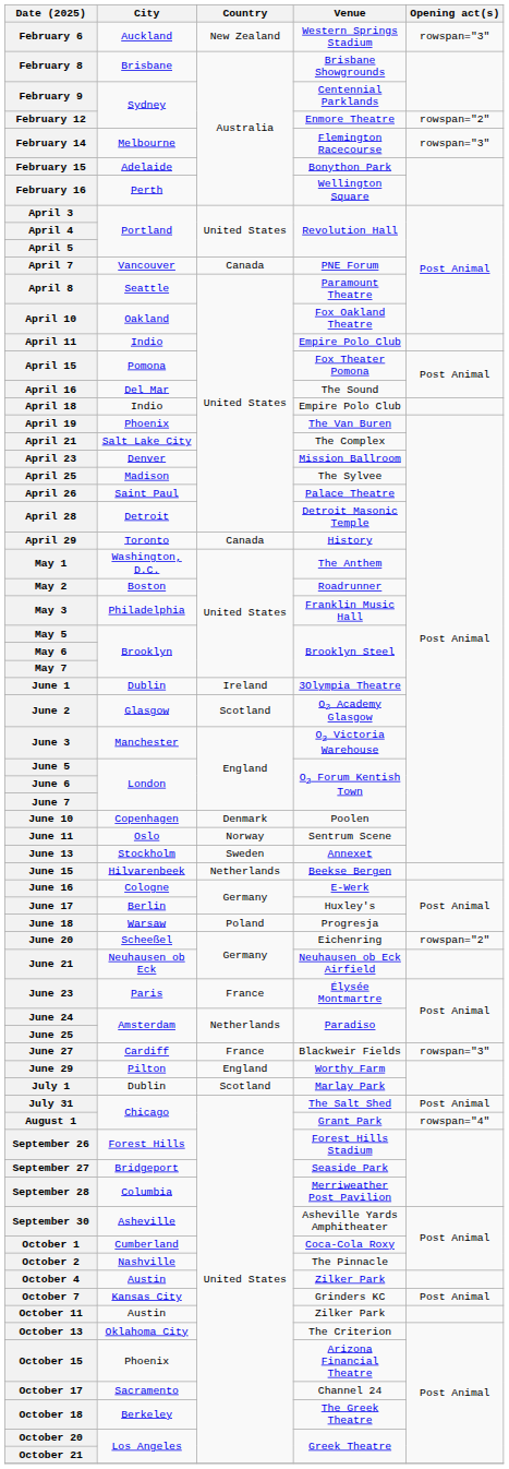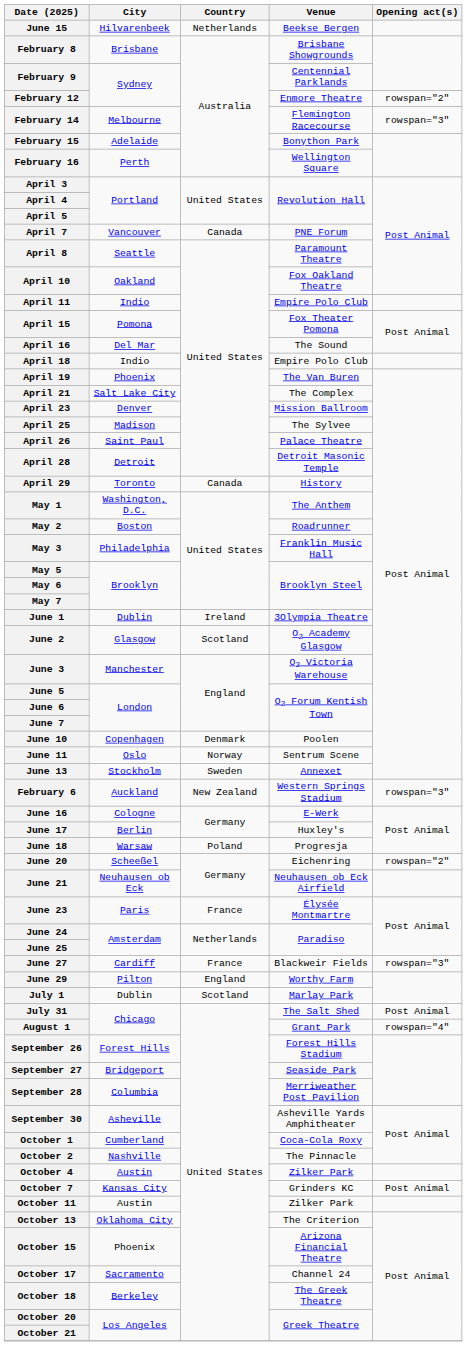 <table class="wikitable plainrowheaders" style="text-align:center;">
 <tr>
 <th scope="col" style="width:10em;">Date (2025)</th>
 <th scope="col" style="width:10em;">City</th>
 <th scope="col" style="width:10em;">Country</th>
 <th scope="col" style="width:12em;">Venue</th>
 <th scope="col" style="width:10em;">Opening act(s)</th>
 </tr>
 <tr>
-<th scope="row" style="text-align:center;">February 6</th>
-<td><a href='#'>Auckland</a></td>
-<td>New Zealand</td>
-<td><a href='#'>Western Springs Stadium</a></td>
-<td>rowspan="3" </td>
+<th scope="row" style="text-align:center;">June 15</th>
+<td><a href='#'>Hilvarenbeek</a></td>
+<td>Netherlands</td>
+<td><a href='#'>Beekse Bergen</a></td>
+<td></td>
 </tr>
 <tr>
 <th scope="row" style="text-align:center;">February 8</th>
 <td><a href='#'>Brisbane</a></td>
 <td rowspan="6">Australia</td>
 <td><a href='#'>Brisbane Showgrounds</a></td>
 </tr>
 <tr>
 <th scope="row" style="text-align:center;">February 9</th>
 <td rowspan="2"><a href='#'>Sydney</a></td>
 <td><a href='#'>Centennial Parklands</a></td>
 </tr>
 <tr>
 <th scope="row" style="text-align:center;">February 12</th>
 <td><a href='#'>Enmore Theatre</a></td>
 <td>rowspan="2" </td>
 </tr>
 <tr>
 <th scope="row" style="text-align:center;">February 14</th>
 <td><a href='#'>Melbourne</a></td>
 <td><a href='#'>Flemington Racecourse</a></td>
 <td>rowspan="3" </td>
 </tr>
 <tr>
 <th scope="row" style="text-align:center;">February 15</th>
 <td><a href='#'>Adelaide</a></td>
 <td><a href='#'>Bonython Park</a></td>
 </tr>
 <tr>
 <th scope="row" style="text-align:center;">February 16</th>
 <td><a href='#'>Perth</a></td>
 <td><a href='#'>Wellington Square</a></td>
 </tr>
 <tr>
 <th scope="row" style="text-align:center;">April 3</th>
 <td rowspan="3"><a href='#'>Portland</a></td>
 <td rowspan="3">United States</td>
 <td rowspan="3"><a href='#'>Revolution Hall</a></td>
 <td rowspan="6"><a href='#'>Post Animal</a></td>
 </tr>
 <tr>
 <th scope="row" style="text-align:center;">April 4</th>
 </tr>
 <tr>
 <th scope="row" style="text-align:center;">April 5</th>
 </tr>
 <tr>
 <th scope="row" style="text-align:center;">April 7</th>
 <td><a href='#'>Vancouver</a></td>
 <td>Canada</td>
 <td><a href='#'>PNE Forum</a></td>
 </tr>
 <tr>
 <th scope="row" style="text-align:center;">April 8</th>
 <td><a href='#'>Seattle</a></td>
 <td rowspan="12">United States</td>
 <td><a href='#'>Paramount Theatre</a></td>
 </tr>
 <tr>
 <th scope="row" style="text-align:center;">April 10</th>
 <td><a href='#'>Oakland</a></td>
 <td><a href='#'>Fox Oakland Theatre</a></td>
 </tr>
 <tr>
 <th scope="row" style="text-align:center;">April 11</th>
 <td><a href='#'> Indio</a></td>
 <td><a href='#'>Empire Polo Club</a></td>
 <td></td>
 </tr>
 <tr>
 <th scope="row" style="text-align:center;">April 15</th>
 <td><a href='#'>Pomona</a></td>
 <td><a href='#'>Fox Theater Pomona</a></td>
 <td rowspan="2">Post Animal</td>
 </tr>
 <tr>
 <th scope="row" style="text-align:center;">April 16</th>
 <td><a href='#'>Del Mar</a></td>
 <td>The Sound</td>
 </tr>
 <tr>
 <th scope="row" style="text-align:center;">April 18</th>
 <td>Indio</td>
 <td>Empire Polo Club</td>
 <td></td>
 </tr>
 <tr>
 <th scope="row" style="text-align:center;">April 19</th>
 <td><a href='#'> Phoenix</a></td>
 <td><a href='#'>The Van Buren</a></td>
 <td rowspan="22">Post Animal</td>
 </tr>
 <tr>
 <th scope="row" style="text-align:center;">April 21</th>
 <td><a href='#'>Salt Lake City</a></td>
 <td>The Complex</td>
 </tr>
 <tr>
 <th scope="row" style="text-align:center;">April 23</th>
 <td><a href='#'>Denver</a></td>
 <td><a href='#'>Mission Ballroom</a></td>
 </tr>
 <tr>
 <th scope="row" style="text-align:center;">April 25</th>
 <td><a href='#'>Madison</a></td>
 <td>The Sylvee</td>
 </tr>
 <tr>
 <th scope="row" style="text-align:center;">April 26</th>
 <td><a href='#'>Saint Paul</a></td>
 <td><a href='#'>Palace Theatre</a></td>
 </tr>
 <tr>
 <th scope="row" style="text-align:center;">April 28</th>
 <td><a href='#'>Detroit</a></td>
 <td><a href='#'>Detroit Masonic Temple</a></td>
 </tr>
 <tr>
 <th scope="row" style="text-align:center;">April 29</th>
 <td><a href='#'>Toronto</a></td>
 <td>Canada</td>
 <td><a href='#'>History</a></td>
 </tr>
 <tr>
 <th scope="row" style="text-align:center;">May 1</th>
 <td><a href='#'>Washington, D.C.</a></td>
 <td rowspan="6">United States</td>
 <td><a href='#'>The Anthem</a></td>
 </tr>
 <tr>
 <th scope="row" style="text-align:center;">May 2</th>
 <td><a href='#'>Boston</a></td>
 <td><a href='#'>Roadrunner</a></td>
 </tr>
 <tr>
 <th scope="row" style="text-align:center;">May 3</th>
 <td><a href='#'>Philadelphia</a></td>
 <td><a href='#'>Franklin Music Hall</a></td>
 </tr>
 <tr>
 <th scope="row" style="text-align:center;">May 5</th>
 <td rowspan="3"><a href='#'>Brooklyn</a></td>
 <td rowspan="3"><a href='#'>Brooklyn Steel</a></td>
 </tr>
 <tr>
 <th scope="row" style="text-align:center;">May 6</th>
 </tr>
 <tr>
 <th scope="row" style="text-align:center;">May 7</th>
 </tr>
 <tr>
 <th scope="row" style="text-align:center;">June 1</th>
 <td><a href='#'>Dublin</a></td>
 <td>Ireland</td>
 <td><a href='#'>3Olympia Theatre</a></td>
 </tr>
 <tr>
 <th scope="row" style="text-align:center;">June 2</th>
 <td><a href='#'>Glasgow</a></td>
 <td>Scotland</td>
 <td><a href='#'>O<sub>2</sub> Academy Glasgow</a></td>
 </tr>
 <tr>
 <th scope="row" style="text-align:center;">June 3</th>
 <td><a href='#'>Manchester</a></td>
 <td rowspan="4">England</td>
 <td><a href='#'>O<sub>2</sub> Victoria Warehouse</a></td>
 </tr>
 <tr>
 <th scope="row" style="text-align:center;">June 5</th>
 <td rowspan="3"><a href='#'>London</a></td>
 <td rowspan="3"><a href='#'>O<sub>2</sub> Forum Kentish Town</a></td>
 </tr>
 <tr>
 <th scope="row" style="text-align:center;">June 6</th>
 </tr>
 <tr>
 <th scope="row" style="text-align:center;">June 7</th>
 </tr>
 <tr>
 <th scope="row" style="text-align:center;">June 10</th>
 <td><a href='#'>Copenhagen</a></td>
 <td>Denmark</td>
 <td>Poolen</td>
 </tr>
 <tr>
 <th scope="row" style="text-align:center;">June 11</th>
 <td><a href='#'>Oslo</a></td>
 <td>Norway</td>
 <td>Sentrum Scene</td>
 </tr>
 <tr>
 <th scope="row" style="text-align:center;">June 13</th>
 <td><a href='#'>Stockholm</a></td>
 <td>Sweden</td>
 <td><a href='#'>Annexet</a></td>
 </tr>
 <tr>
-<th scope="row" style="text-align:center;">June 15</th>
-<td><a href='#'>Hilvarenbeek</a></td>
-<td>Netherlands</td>
-<td><a href='#'>Beekse Bergen</a></td>
-<td></td>
+<th scope="row" style="text-align:center;">February 6</th>
+<td><a href='#'>Auckland</a></td>
+<td>New Zealand</td>
+<td><a href='#'>Western Springs Stadium</a></td>
+<td>rowspan="3" </td>
 </tr>
 <tr>
 <th scope="row" style="text-align:center;">June 16</th>
 <td><a href='#'>Cologne</a></td>
 <td rowspan="2">Germany</td>
 <td><a href='#'>E-Werk</a></td>
 <td rowspan="3">Post Animal</td>
 </tr>
 <tr>
 <th scope="row" style="text-align:center;">June 17</th>
 <td><a href='#'>Berlin</a></td>
 <td>Huxley's</td>
 </tr>
 <tr>
 <th scope="row" style="text-align:center;">June 18</th>
 <td><a href='#'>Warsaw</a></td>
 <td>Poland</td>
 <td>Progresja</td>
 </tr>
 <tr>
 <th scope="row" style="text-align:center;">June 20</th>
 <td><a href='#'>Scheeßel</a></td>
 <td rowspan="2">Germany</td>
 <td>Eichenring</td>
 <td>rowspan="2" </td>
 </tr>
 <tr>
 <th scope="row" style="text-align:center;">June 21</th>
 <td><a href='#'>Neuhausen ob Eck</a></td>
 <td><a href='#'>Neuhausen ob Eck Airfield</a></td>
 </tr>
 <tr>
 <th scope="row" style="text-align:center;">June 23</th>
 <td><a href='#'>Paris</a></td>
 <td>France</td>
 <td><a href='#'>Élysée Montmartre</a></td>
 <td rowspan="3">Post Animal</td>
 </tr>
 <tr>
 <th scope="row" style="text-align:center;">June 24</th>
 <td rowspan="2"><a href='#'>Amsterdam</a></td>
 <td rowspan="2">Netherlands</td>
 <td rowspan="2"><a href='#'>Paradiso</a></td>
 </tr>
 <tr>
 <th scope="row" style="text-align:center;">June 25</th>
 </tr>
 <tr>
 <th scope="row" style="text-align:center;">June 27</th>
 <td><a href='#'>Cardiff</a></td>
 <td>France</td>
 <td>Blackweir Fields</td>
 <td>rowspan="3" </td>
 </tr>
 <tr>
 <th scope="row" style="text-align:center;">June 29</th>
 <td><a href='#'>Pilton</a></td>
 <td>England</td>
 <td><a href='#'>Worthy Farm</a></td>
 </tr>
 <tr>
 <th scope="row" style="text-align:center;">July 1</th>
 <td>Dublin</td>
 <td>Scotland</td>
 <td><a href='#'>Marlay Park</a></td>
 </tr>
 <tr>
 <th scope="row" style="text-align:center;">July 31</th>
 <td rowspan="2"><a href='#'>Chicago</a></td>
 <td rowspan="17">United States</td>
 <td><a href='#'>The Salt Shed</a></td>
 <td>Post Animal</td>
 </tr>
 <tr>
 <th scope="row" style="text-align:center;">August 1</th>
 <td><a href='#'>Grant Park</a></td>
 <td>rowspan="4" </td>
 </tr>
 <tr>
 <th scope="row" style="text-align:center;">September 26</th>
 <td><a href='#'>Forest Hills</a></td>
 <td><a href='#'>Forest Hills Stadium</a></td>
 </tr>
 <tr>
 <th scope="row" style="text-align:center;">September 27</th>
 <td><a href='#'>Bridgeport</a></td>
 <td><a href='#'>Seaside Park</a></td>
 </tr>
 <tr>
 <th scope="row" style="text-align:center;">September 28</th>
 <td><a href='#'>Columbia</a></td>
 <td><a href='#'>Merriweather Post Pavilion</a></td>
 </tr>
 <tr>
 <th scope="row" style="text-align:center;">September 30</th>
 <td><a href='#'>Asheville</a></td>
 <td>Asheville Yards Amphitheater</td>
 <td rowspan="3">Post Animal</td>
 </tr>
 <tr>
 <th scope="row" style="text-align:center;">October 1</th>
 <td><a href='#'>Cumberland</a></td>
 <td><a href='#'>Coca-Cola Roxy</a></td>
 </tr>
 <tr>
 <th scope="row" style="text-align:center;">October 2</th>
 <td><a href='#'>Nashville</a></td>
 <td>The Pinnacle</td>
 </tr>
 <tr>
 <th scope="row" style="text-align:center;">October 4</th>
 <td><a href='#'>Austin</a></td>
 <td><a href='#'>Zilker Park</a></td>
 <td></td>
 </tr>
 <tr>
 <th scope="row" style="text-align:center;">October 7</th>
 <td><a href='#'>Kansas City</a></td>
 <td>Grinders KC</td>
 <td>Post Animal</td>
 </tr>
 <tr>
 <th scope="row" style="text-align:center;">October 11</th>
 <td>Austin</td>
 <td>Zilker Park</td>
 <td></td>
 </tr>
 <tr>
 <th scope="row" style="text-align:center;">October 13</th>
 <td><a href='#'>Oklahoma City</a></td>
 <td>The Criterion</td>
 <td rowspan="6">Post Animal</td>
 </tr>
 <tr>
 <th scope="row" style="text-align:center;">October 15</th>
 <td>Phoenix</td>
 <td><a href='#'>Arizona Financial Theatre</a></td>
 </tr>
 <tr>
 <th scope="row" style="text-align:center;">October 17</th>
 <td><a href='#'>Sacramento</a></td>
 <td>Channel 24</td>
 </tr>
 <tr>
 <th scope="row" style="text-align:center;">October 18</th>
 <td><a href='#'>Berkeley</a></td>
 <td><a href='#'>The Greek Theatre</a></td>
 </tr>
 <tr>
 <th scope="row" style="text-align:center;">October 20</th>
 <td rowspan="2"><a href='#'>Los Angeles</a></td>
 <td rowspan="2"><a href='#'>Greek Theatre</a></td>
 </tr>
 <tr>
 <th scope="row" style="text-align:center;">October 21</th>
 </tr>
 <tr>
 </tr>
 </table>
